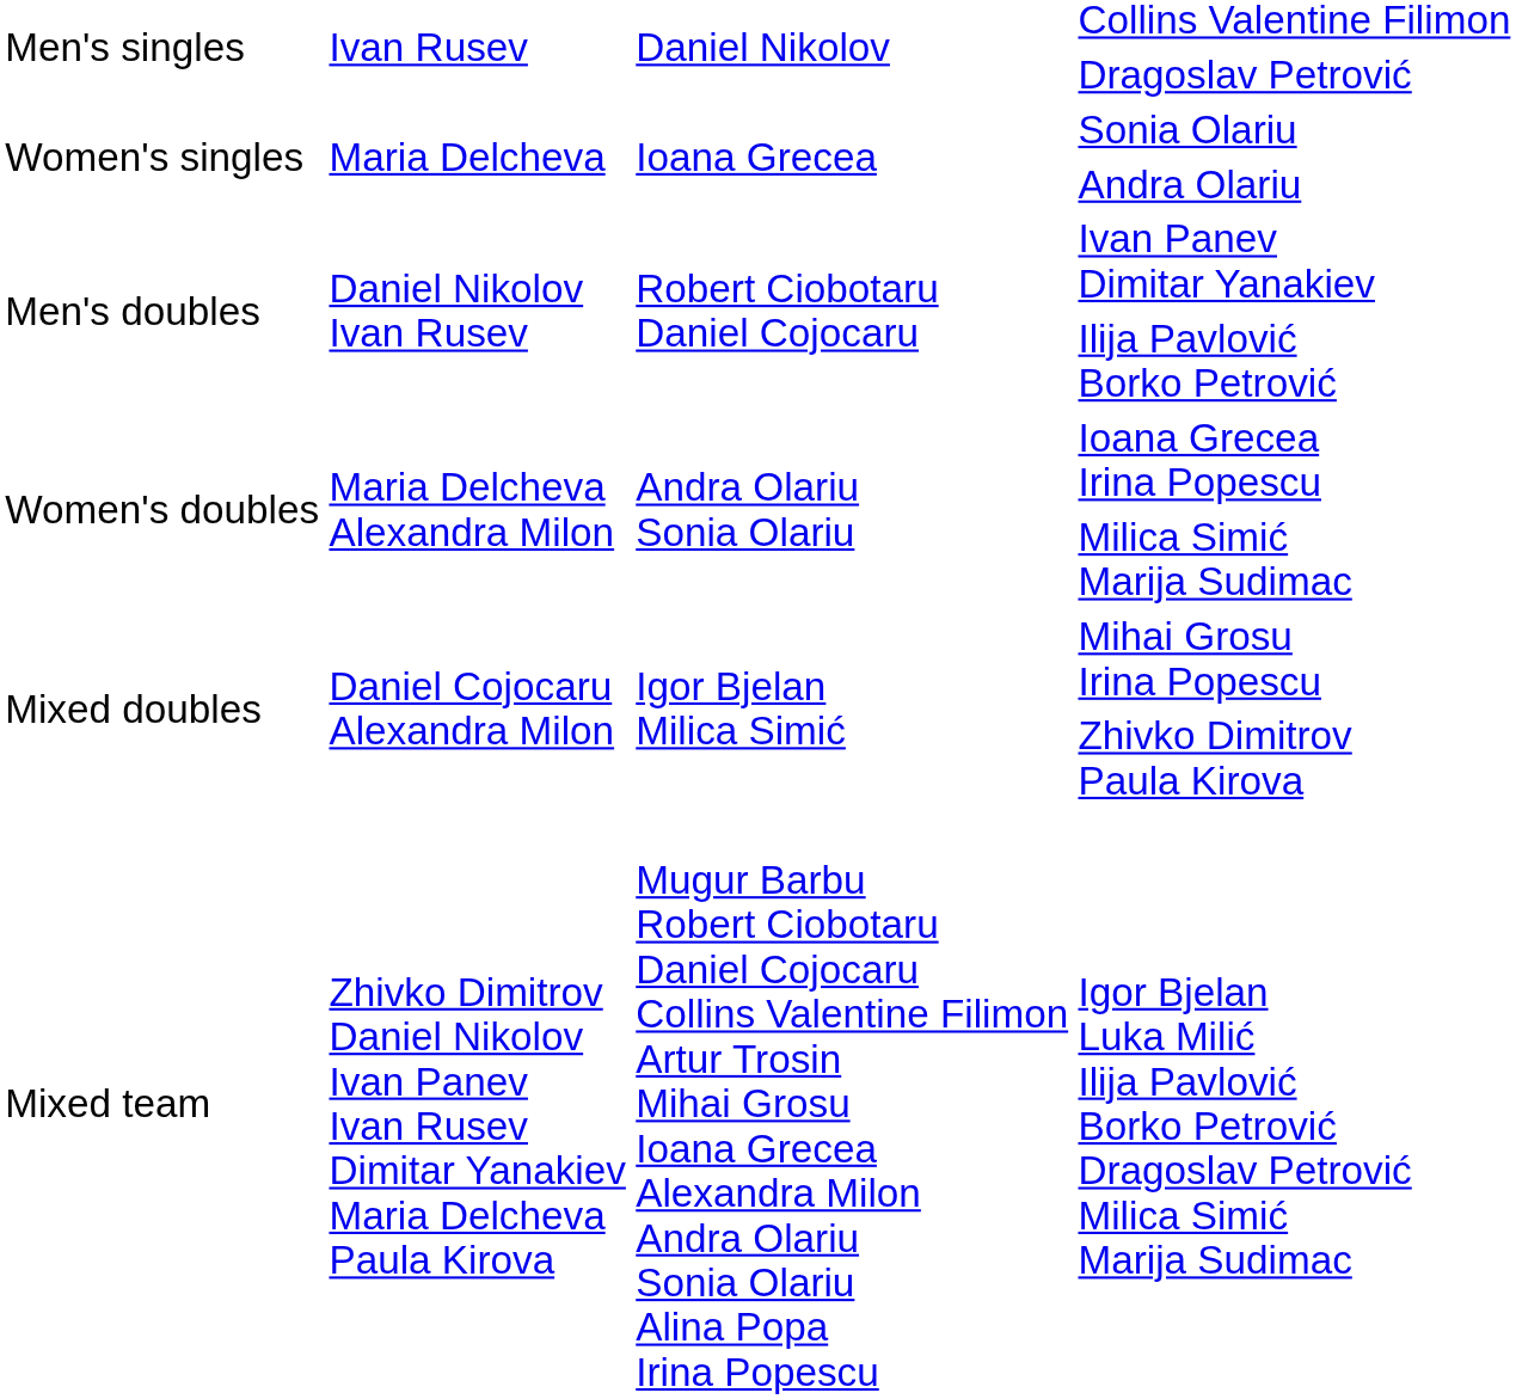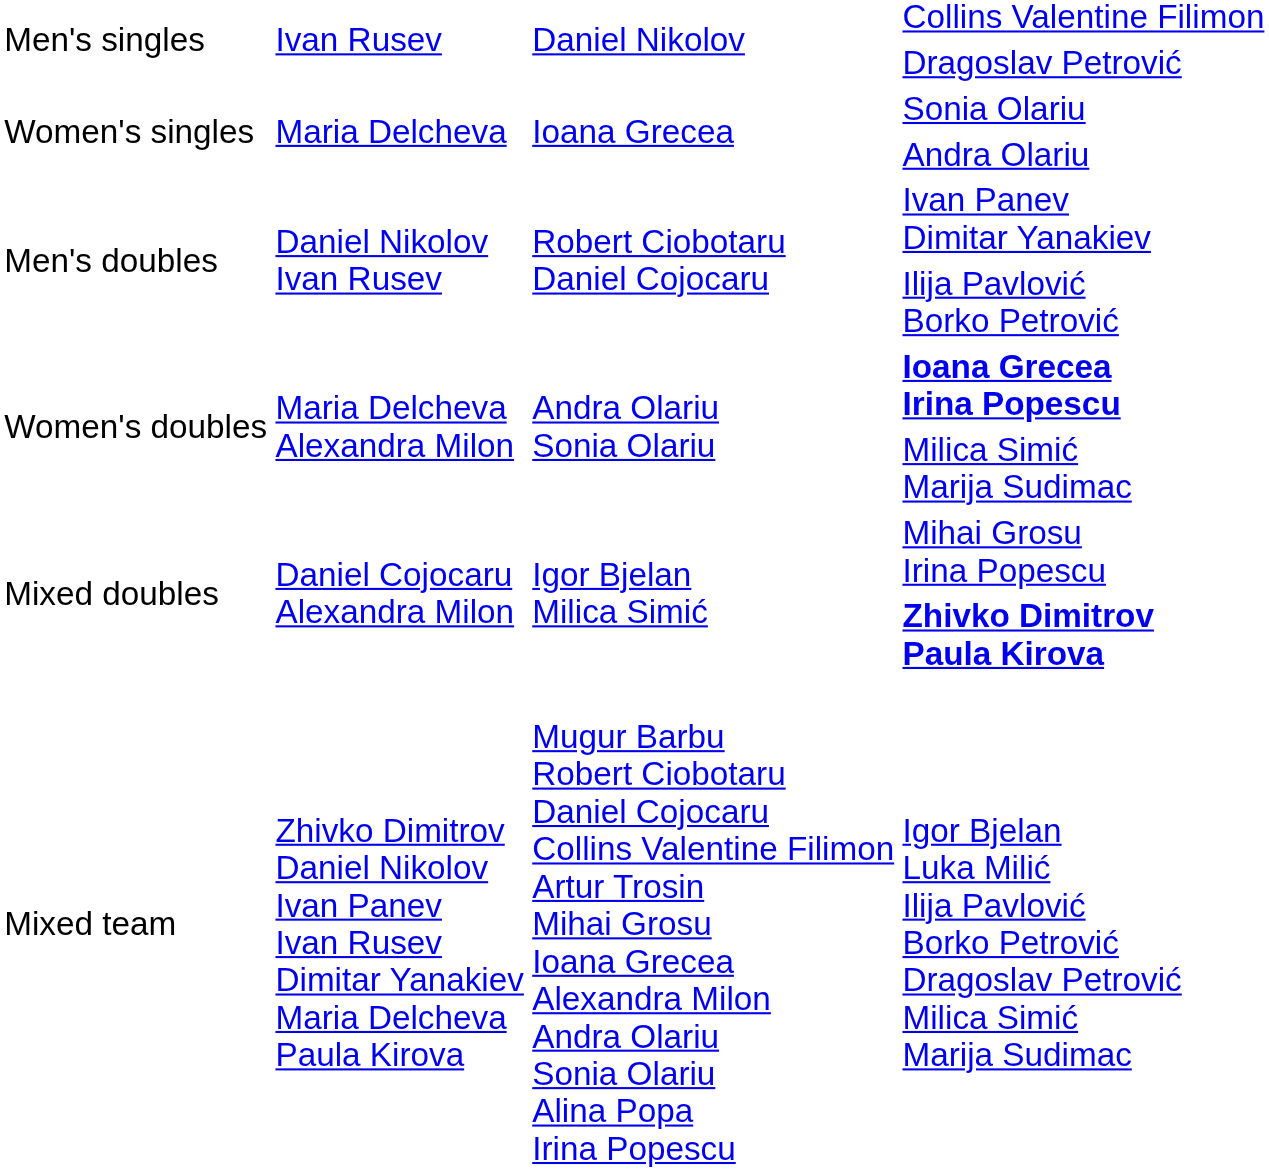 <table>
 <tr>
 <td rowspan="2">Men's singles</td>
 <td rowspan="2"> <a href='#'>Ivan Rusev</a></td>
 <td rowspan="2"> <a href='#'>Daniel Nikolov</a></td>
 <td> <a href='#'>Collins Valentine Filimon</a></td>
 </tr>
 <tr>
 <td> <a href='#'>Dragoslav Petrović</a></td>
 </tr>
 <tr>
 <td rowspan="2">Women's singles</td>
 <td rowspan="2"> <a href='#'>Maria Delcheva</a></td>
 <td rowspan="2"> <a href='#'>Ioana Grecea</a></td>
 <td> <a href='#'>Sonia Olariu</a></td>
 </tr>
 <tr>
 <td> <a href='#'>Andra Olariu</a></td>
 </tr>
 <tr>
 <td rowspan="2">Men's doubles</td>
 <td rowspan="2"> <a href='#'>Daniel Nikolov</a><br> <a href='#'>Ivan Rusev</a></td>
 <td rowspan="2"> <a href='#'>Robert Ciobotaru</a><br> <a href='#'>Daniel Cojocaru</a></td>
 <td> <a href='#'>Ivan Panev</a><br> <a href='#'>Dimitar Yanakiev</a></td>
 </tr>
 <tr>
 <td> <a href='#'>Ilija Pavlović</a><br> <a href='#'>Borko Petrović</a></td>
 </tr>
 <tr>
 <td rowspan="2">Women's doubles</td>
 <td rowspan="2"> <a href='#'>Maria Delcheva</a><br> <a href='#'>Alexandra Milon</a></td>
 <td rowspan="2"> <a href='#'>Andra Olariu</a><br> <a href='#'>Sonia Olariu</a></td>
-<td> <a href='#'>Ioana Grecea</a><br> <a href='#'>Irina Popescu</a></td>
+<td><strong> <a href='#'>Ioana Grecea</a><br> <a href='#'>Irina Popescu</a></strong></td>
 </tr>
 <tr>
 <td> <a href='#'>Milica Simić</a><br> <a href='#'>Marija Sudimac</a></td>
 </tr>
 <tr>
 <td rowspan="2">Mixed doubles</td>
 <td rowspan="2"> <a href='#'>Daniel Cojocaru</a><br> <a href='#'>Alexandra Milon</a></td>
 <td rowspan="2"> <a href='#'>Igor Bjelan</a><br> <a href='#'>Milica Simić</a></td>
 <td> <a href='#'>Mihai Grosu</a><br> <a href='#'>Irina Popescu</a></td>
 </tr>
 <tr>
-<td> <a href='#'>Zhivko Dimitrov</a><br> <a href='#'>Paula Kirova</a></td>
+<td><strong> <a href='#'>Zhivko Dimitrov</a><br> <a href='#'>Paula Kirova</a></strong></td>
 </tr>
 <tr>
 <td>Mixed team</td>
 <td align="left"><br><a href='#'>Zhivko Dimitrov</a><br><a href='#'>Daniel Nikolov</a><br><a href='#'>Ivan Panev</a><br><a href='#'>Ivan Rusev</a><br><a href='#'>Dimitar Yanakiev</a><br><a href='#'>Maria Delcheva</a><br><a href='#'>Paula Kirova</a></td>
 <td align="left"><br><a href='#'>Mugur Barbu</a><br><a href='#'>Robert Ciobotaru</a><br><a href='#'>Daniel Cojocaru</a><br><a href='#'>Collins Valentine Filimon</a><br><a href='#'>Artur Trosin</a><br><a href='#'>Mihai Grosu</a><br><a href='#'>Ioana Grecea</a><br><a href='#'>Alexandra Milon</a><br><a href='#'>Andra Olariu</a><br><a href='#'>Sonia Olariu</a><br><a href='#'>Alina Popa</a><br><a href='#'>Irina Popescu</a></td>
 <td align="left"><br><a href='#'>Igor Bjelan</a><br><a href='#'>Luka Milić</a><br><a href='#'>Ilija Pavlović</a><br><a href='#'>Borko Petrović</a><br><a href='#'>Dragoslav Petrović</a><br><a href='#'>Milica Simić</a><br><a href='#'>Marija Sudimac</a></td>
 </tr>
 </table>
